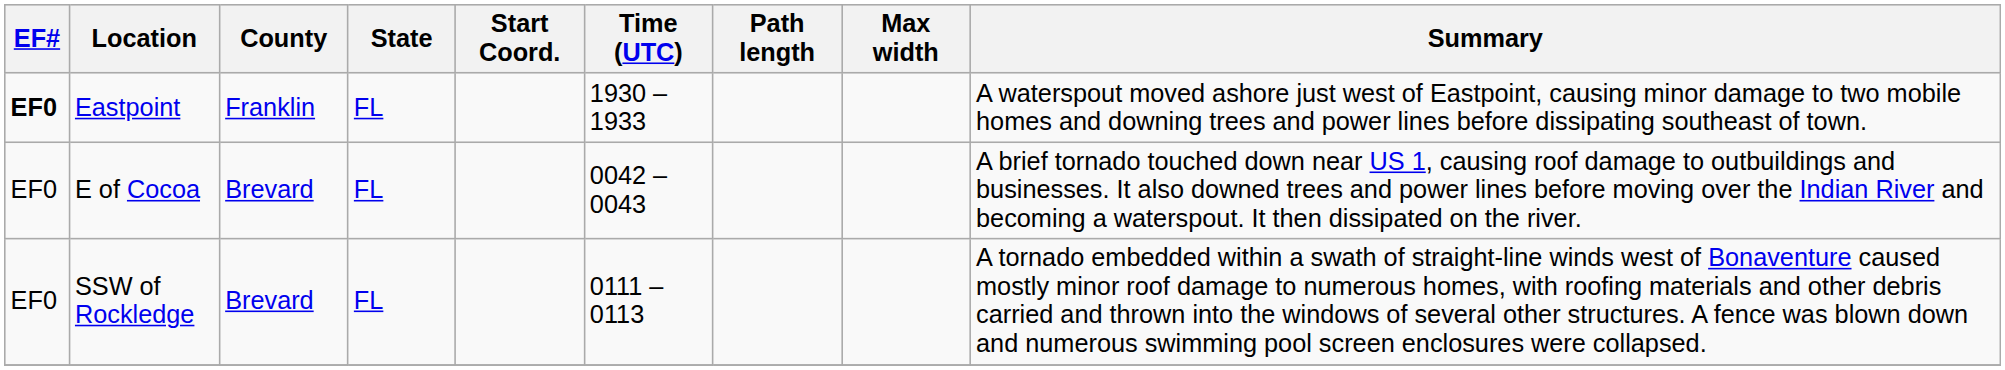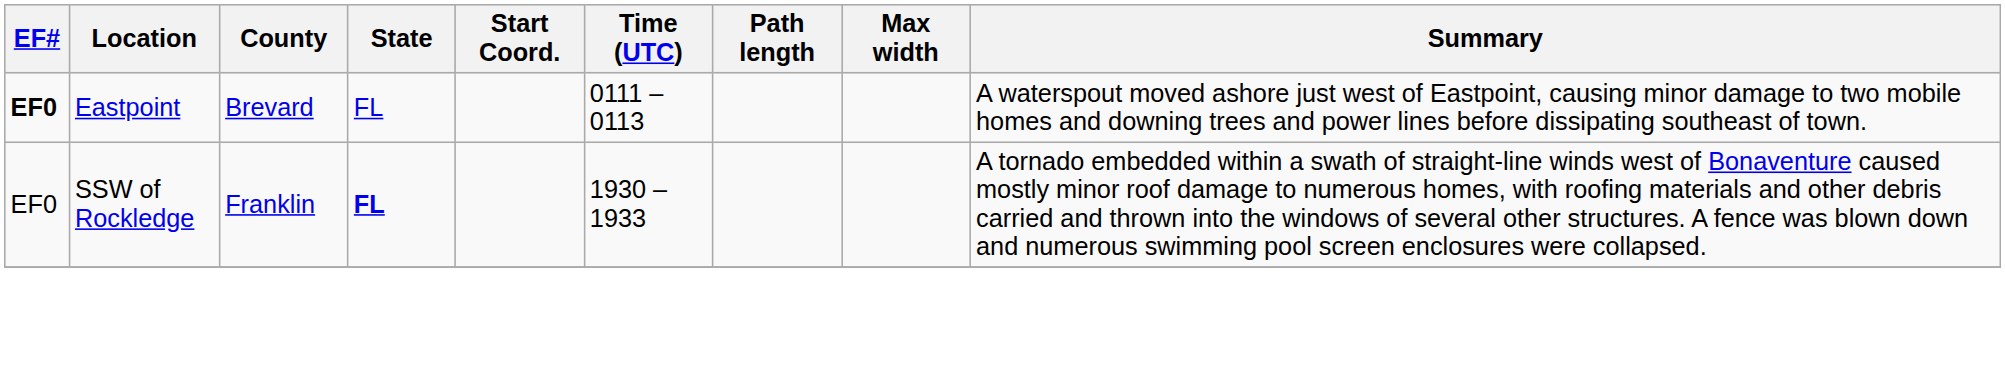 <table class="wikitable sortable" style="width:100%;">
 <tr>
 <th scope="col"  style="width:3%; text-align:center;"><a href='#'>EF#</a></th>
 <th scope="col"  style="width:7%; text-align:center;" class="unsortable">Location</th>
 <th scope="col"  style="width:6%; text-align:center;" class="unsortable">County</th>
 <th scope="col"  style="width:5%; text-align:center;">State</th>
 <th scope="col"  style="width:6%; text-align:center;">Start Coord.</th>
 <th scope="col"  style="width:6%; text-align:center;">Time (<a href='#'>UTC</a>)</th>
 <th scope="col"  style="width:6%; text-align:center;">Path length</th>
 <th scope="col"  style="width:6%; text-align:center;">Max width</th>
 <th scope="col" class="unsortable" style="width:48%; text-align:center;">Summary</th>
 </tr>
 <tr>
 <td><strong>EF0</strong></td>
 <td><a href='#'>Eastpoint</a></td>
-<td><a href='#'>Franklin</a></td>
+<td><a href='#'>Brevard</a></td>
 <td><a href='#'>FL</a></td>
 <td></td>
-<td>1930 – 1933</td>
+<td>0111 – 0113</td>
 <td></td>
 <td></td>
 <td>A waterspout moved ashore just west of Eastpoint, causing minor damage to two mobile homes and downing trees and power lines before dissipating southeast of town.</td>
 </tr>
 <tr>
 <td>EF0</td>
-<td>E of <a href='#'>Cocoa</a></td>
-<td><a href='#'>Brevard</a></td>
-<td><a href='#'>FL</a></td>
+<td>SSW of <a href='#'>Rockledge</a></td>
+<td><a href='#'>Franklin</a></td>
+<td><strong><a href='#'>FL</a></strong></td>
 <td></td>
-<td>0042 – 0043</td>
-<td></td>
-<td></td>
-<td>A brief tornado touched down near <a href='#'>US 1</a>, causing roof damage to outbuildings and businesses. It also downed trees and power lines before moving over the <a href='#'>Indian River</a> and becoming a waterspout. It then dissipated on the river.</td>
-</tr>
-<tr>
-<td>EF0</td>
-<td>SSW of <a href='#'>Rockledge</a></td>
-<td><a href='#'>Brevard</a></td>
-<td><a href='#'>FL</a></td>
-<td></td>
-<td>0111 – 0113</td>
+<td>1930 – 1933</td>
 <td></td>
 <td></td>
 <td>A tornado embedded within a swath of straight-line winds west of <a href='#'>Bonaventure</a> caused mostly minor roof damage to numerous homes, with roofing materials and other debris carried and thrown into the windows of several other structures. A fence was blown down and numerous swimming pool screen enclosures were collapsed.</td>
 </tr>
 <tr>
 </tr>
 </table>
